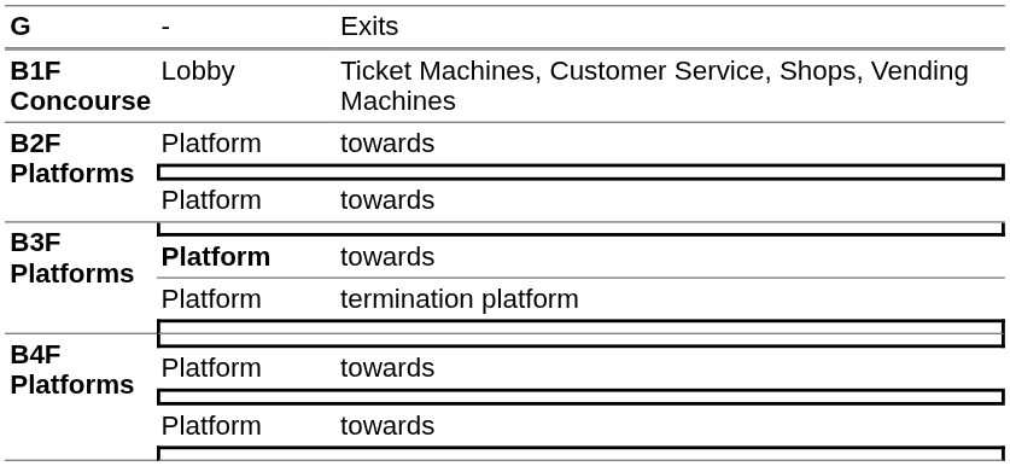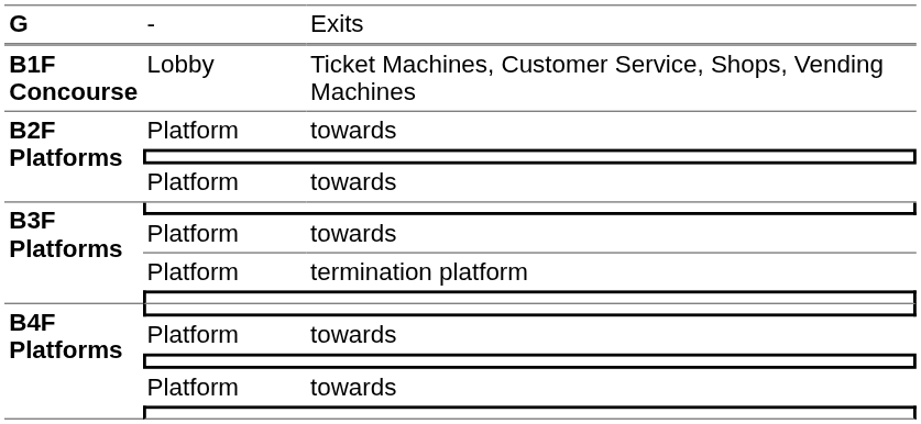 <table table border=0 cellspacing=0 cellpadding=3>
 <tr>
 <td style="border-top:solid 1px gray;border-bottom:solid 1px gray" width=50 valign=top><strong>G</strong></td>
 <td style="border-top:solid 1px gray;border-bottom:solid 1px gray;" width=100 valign=top>-</td>
 <td style="border-top:solid 1px gray;border-bottom:solid 1px gray;" width=390 valign=top>Exits</td>
 </tr>
 <tr>
 <td style="border-bottom:solid 1px gray; border-top:solid 1px gray;" valign=top width=50><strong>B1F<br>Concourse</strong></td>
 <td style="border-bottom:solid 1px gray; border-top:solid 1px gray;" valign=top width=100>Lobby</td>
 <td style="border-bottom:solid 1px gray; border-top:solid 1px gray;" valign=top width=390>Ticket Machines, Customer Service, Shops, Vending Machines</td>
 </tr>
 <tr>
 <td style="border-bottom:solid 1px gray" rowspan=3 valign=top><strong>B2F<br> Platforms</strong></td>
 <td>Platform</td>
 <td>  towards  </td>
 </tr>
 <tr>
 <td style="border-right:solid 2px black;border-left:solid 2px black;border-top:solid 2px black;border-bottom:solid 2px black;text-align:center;" colspan=2></td>
 </tr>
 <tr>
 <td style="border-bottom:solid 1px gray" valign=top>Platform</td>
 <td style="border-bottom:solid 1px gray" valign=top>  towards   </td>
 </tr>
 <tr>
 <td style="border-bottom:solid 1px gray;" rowspan=4 valign=top><strong>B3F<br> Platforms</strong></td>
 <td style="border-right:solid 2px black;border-left:solid 2px black;border-bottom:solid 2px black;text-align:center;" colspan=2></td>
 </tr>
 <tr>
-<td style="border-bottom:solid 1px gray;" width=100><strong>Platform</strong></td>
+<td style="border-bottom:solid 1px gray;" width=100>Platform</td>
 <td style="border-bottom:solid 1px gray;" width=330>  towards  </td>
 </tr>
 <tr>
 <td>Platform</td>
 <td>  termination platform </td>
 </tr>
 <tr>
 <td style="border-top:solid 2px black;border-right:solid 2px black;border-left:solid 2px black;border-bottom:solid 1px gray;text-align:center;" colspan=2></td>
 </tr>
 <tr>
 <td style="border-bottom:solid 1px gray;" rowspan=6 valign=top><strong>B4F<br> Platforms</strong></td>
 </tr>
 <tr>
 <td style="border-right:solid 2px black;border-left:solid 2px black;border-bottom:solid 2px black;text-align:center;" colspan=2></td>
 </tr>
 <tr>
 <td>Platform</td>
 <td> towards   </td>
 </tr>
 <tr>
 <td style="border-right:solid 2px black;border-left:solid 2px black;border-top:solid 2px black;border-bottom:solid 2px black;text-align:center;" colspan=2></td>
 </tr>
 <tr>
 <td>Platform</td>
 <td> towards   </td>
 </tr>
 <tr>
 <td style="border-top:solid 2px black;border-right:solid 2px black;border-left:solid 2px black;border-bottom:solid 1px gray;text-align:center;" colspan=2></td>
 </tr>
 </table>
